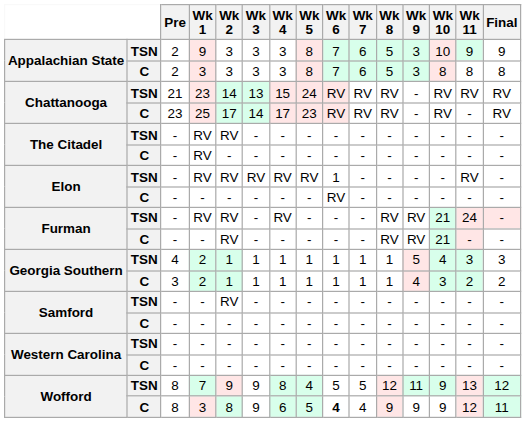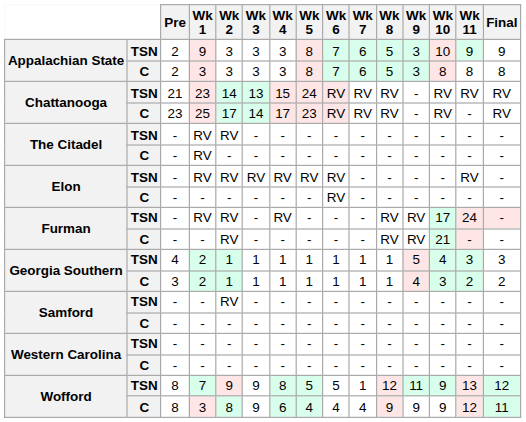 <table class="wikitable" style="white-space:nowrap;font-size:70%;">
 <tr>
 <th colspan=2 style="background:white; border-top-style:hidden; border-left-style:hidden;"> </th>
 <th>Pre</th>
 <th>Wk<br>1</th>
 <th>Wk<br>2</th>
 <th>Wk<br>3</th>
 <th>Wk<br>4</th>
 <th>Wk<br>5</th>
 <th>Wk<br>6</th>
 <th>Wk<br>7</th>
 <th>Wk<br>8</th>
 <th>Wk<br>9</th>
 <th>Wk<br>10</th>
 <th>Wk<br>11</th>
 <th>Final</th>
 </tr>
 <tr style="text-align:center;">
 <th rowspan=2>Appalachian State</th>
 <th>TSN</th>
 <td style="background:#FFF;">2</td>
 <td style="background:#FFE6E6;">9</td>
 <td style="background:#FFF;">3</td>
 <td style="background:#FFF;">3</td>
 <td style="background:#FFF;">3</td>
 <td style="background:#FFE6E6;">8</td>
 <td style="background:#D8FFEB;">7</td>
 <td style="background:#D8FFEB;">6</td>
 <td style="background:#D8FFEB;">5</td>
 <td style="background:#D8FFEB;">3</td>
 <td style="background:#FFE6E6;">10</td>
 <td style="background:#D8FFEB;">9</td>
 <td style="background:#FFF;">9</td>
 </tr>
 <tr style="text-align:center;">
 <th>C</th>
 <td style="background:#FFF;">2</td>
 <td style="background:#FFE6E6;">3</td>
 <td style="background:#FFF;">3</td>
 <td style="background:#FFF;">3</td>
 <td style="background:#FFF;">3</td>
 <td style="background:#FFE6E6;">8</td>
 <td style="background:#D8FFEB;">7</td>
 <td style="background:#D8FFEB;">6</td>
 <td style="background:#D8FFEB;">5</td>
 <td style="background:#D8FFEB;">3</td>
 <td style="background:#FFE6E6;">8</td>
 <td style="background:#FFF;">8</td>
 <td style="background:#FFF;">8</td>
 </tr>
 <tr style="text-align:center;">
 <th rowspan=2>Chattanooga</th>
 <th>TSN</th>
 <td style="background:#FFF;">21</td>
 <td style="background:#FFE6E6;">23</td>
 <td style="background:#D8FFEB;">14</td>
 <td style="background:#D8FFEB;">13</td>
 <td style="background:#FFE6E6;">15</td>
 <td style="background:#FFE6E6;">24</td>
 <td style="background:#FFE6E6;">RV</td>
 <td style="background:#FFF;">RV</td>
 <td style="background:#FFF;">RV</td>
 <td style="background:#FFF;">-</td>
 <td style="background:#FFF;">RV</td>
 <td style="background:#FFF;">RV</td>
 <td style="background:#FFF;">RV</td>
 </tr>
 <tr style="text-align:center;">
 <th>C</th>
 <td style="background:#FFF;">23</td>
 <td style="background:#FFE6E6;">25</td>
 <td style="background:#D8FFEB;">17</td>
 <td style="background:#D8FFEB;">14</td>
 <td style="background:#FFE6E6;">17</td>
 <td style="background:#FFE6E6;">23</td>
 <td style="background:#FFE6E6;">RV</td>
 <td style="background:#FFF;">RV</td>
 <td style="background:#FFF;">RV</td>
 <td style="background:#FFF;">-</td>
 <td style="background:#FFF;">RV</td>
 <td style="background:#FFF;">-</td>
 <td style="background:#FFF;">RV</td>
 </tr>
 <tr style="text-align:center;">
 <th rowspan=2>The Citadel</th>
 <th>TSN</th>
 <td style="background:#FFF;">-</td>
 <td style="background:#FFF;">RV</td>
 <td style="background:#FFF;">RV</td>
 <td style="background:#FFF;">-</td>
 <td style="background:#FFF;">-</td>
 <td style="background:#FFF;">-</td>
 <td style="background:#FFF;">-</td>
 <td style="background:#FFF;">-</td>
 <td style="background:#FFF;">-</td>
 <td style="background:#FFF;">-</td>
 <td style="background:#FFF;">-</td>
 <td style="background:#FFF;">-</td>
 <td style="background:#FFF;">-</td>
 </tr>
 <tr style="text-align:center;">
 <th>C</th>
 <td style="background:#FFF;">-</td>
 <td style="background:#FFF;">RV</td>
 <td style="background:#FFF;">-</td>
 <td style="background:#FFF;">-</td>
 <td style="background:#FFF;">-</td>
 <td style="background:#FFF;">-</td>
 <td style="background:#FFF;">-</td>
 <td style="background:#FFF;">-</td>
 <td style="background:#FFF;">-</td>
 <td style="background:#FFF;">-</td>
 <td style="background:#FFF;">-</td>
 <td style="background:#FFF;">-</td>
 <td style="background:#FFF;">-</td>
 </tr>
 <tr style="text-align:center;">
 <th rowspan=2>Elon</th>
 <th>TSN</th>
 <td style="background:#FFF;">-</td>
 <td style="background:#FFF;">RV</td>
 <td style="background:#FFF;">RV</td>
 <td style="background:#FFF;">RV</td>
 <td style="background:#FFF;">RV</td>
 <td style="background:#FFF;">RV</td>
-<td style="background:#FFF;">1</td>
+<td style="background:#FFF;">RV</td>
 <td style="background:#FFF;">-</td>
 <td style="background:#FFF;">-</td>
 <td style="background:#FFF;">-</td>
 <td style="background:#FFF;">-</td>
 <td style="background:#FFF;">RV</td>
 <td style="background:#FFF;">-</td>
 </tr>
 <tr style="text-align:center;">
 <th>C</th>
 <td style="background:#FFF;">-</td>
 <td style="background:#FFF;">-</td>
 <td style="background:#FFF;">-</td>
 <td style="background:#FFF;">-</td>
 <td style="background:#FFF;">-</td>
 <td style="background:#FFF;">-</td>
 <td style="background:#FFF;">RV</td>
 <td style="background:#FFF;">-</td>
 <td style="background:#FFF;">-</td>
 <td style="background:#FFF;">-</td>
 <td style="background:#FFF;">-</td>
 <td style="background:#FFF;">-</td>
 <td style="background:#FFF;">-</td>
 </tr>
 <tr style="text-align:center;">
 <th rowspan=2>Furman</th>
 <th>TSN</th>
 <td style="background:#FFF;">-</td>
 <td style="background:#FFF;">RV</td>
 <td style="background:#FFF;">RV</td>
 <td style="background:#FFF;">-</td>
 <td style="background:#FFF;">RV</td>
 <td style="background:#FFF;">-</td>
 <td style="background:#FFF;">-</td>
 <td style="background:#FFF;">-</td>
 <td style="background:#FFF;">RV</td>
 <td style="background:#FFF;">RV</td>
-<td style="background:#D8FFEB;">21</td>
+<td style="background:#D8FFEB;">17</td>
 <td style="background:#FFE6E6;">24</td>
 <td style="background:#FFE6E6;">-</td>
 </tr>
 <tr style="text-align:center;">
 <th>C</th>
 <td style="background:#FFF;">-</td>
 <td style="background:#FFF;">-</td>
 <td style="background:#FFF;">RV</td>
 <td style="background:#FFF;">-</td>
 <td style="background:#FFF;">-</td>
 <td style="background:#FFF;">-</td>
 <td style="background:#FFF;">-</td>
 <td style="background:#FFF;">-</td>
 <td style="background:#FFF;">RV</td>
 <td style="background:#FFF;">RV</td>
 <td style="background:#D8FFEB;">21</td>
 <td style="background:#FFE6E6;">-</td>
 <td style="background:#FFF;">-</td>
 </tr>
 <tr style="text-align:center;">
 <th rowspan=2>Georgia Southern</th>
 <th>TSN</th>
 <td style="background:#FFF;">4</td>
 <td style="background:#D8FFEB;">2</td>
 <td style="background:#D8FFEB;">1</td>
 <td style="background:#FFF;">1</td>
 <td style="background:#FFF;">1</td>
 <td style="background:#FFF;">1</td>
 <td style="background:#FFF;">1</td>
 <td style="background:#FFF;">1</td>
 <td style="background:#FFF;">1</td>
 <td style="background:#FFE6E6;">5</td>
 <td style="background:#D8FFEB;">4</td>
 <td style="background:#D8FFEB;">3</td>
 <td style="background:#FFF;">3</td>
 </tr>
 <tr style="text-align:center;">
 <th>C</th>
 <td style="background:#FFF;">3</td>
 <td style="background:#D8FFEB;">2</td>
 <td style="background:#D8FFEB;">1</td>
 <td style="background:#FFF;">1</td>
 <td style="background:#FFF;">1</td>
 <td style="background:#FFF;">1</td>
 <td style="background:#FFF;">1</td>
 <td style="background:#FFF;">1</td>
 <td style="background:#FFF;">1</td>
 <td style="background:#FFE6E6;">4</td>
 <td style="background:#D8FFEB;">3</td>
 <td style="background:#D8FFEB;">2</td>
 <td style="background:#FFF;">2</td>
 </tr>
 <tr style="text-align:center;">
 <th rowspan=2>Samford</th>
 <th>TSN</th>
 <td style="background:#FFF;">-</td>
 <td style="background:#FFF;">-</td>
 <td style="background:#FFF;">RV</td>
 <td style="background:#FFF;">-</td>
 <td style="background:#FFF;">-</td>
 <td style="background:#FFF;">-</td>
 <td style="background:#FFF;">-</td>
 <td style="background:#FFF;">-</td>
 <td style="background:#FFF;">-</td>
 <td style="background:#FFF;">-</td>
 <td style="background:#FFF;">-</td>
 <td style="background:#FFF;">-</td>
 <td style="background:#FFF;">-</td>
 </tr>
 <tr style="text-align:center;">
 <th>C</th>
 <td style="background:#FFF;">-</td>
 <td style="background:#FFF;">-</td>
 <td style="background:#FFF;">-</td>
 <td style="background:#FFF;">-</td>
 <td style="background:#FFF;">-</td>
 <td style="background:#FFF;">-</td>
 <td style="background:#FFF;">-</td>
 <td style="background:#FFF;">-</td>
 <td style="background:#FFF;">-</td>
 <td style="background:#FFF;">-</td>
 <td style="background:#FFF;">-</td>
 <td style="background:#FFF;">-</td>
 <td style="background:#FFF;">-</td>
 </tr>
 <tr style="text-align:center;">
 <th rowspan=2>Western Carolina</th>
 <th>TSN</th>
 <td style="background:#FFF;">-</td>
 <td style="background:#FFF;">-</td>
 <td style="background:#FFF;">-</td>
 <td style="background:#FFF;">-</td>
 <td style="background:#FFF;">-</td>
 <td style="background:#FFF;">-</td>
 <td style="background:#FFF;">-</td>
 <td style="background:#FFF;">-</td>
 <td style="background:#FFF;">-</td>
 <td style="background:#FFF;">-</td>
 <td style="background:#FFF;">-</td>
 <td style="background:#FFF;">-</td>
 <td style="background:#FFF;">-</td>
 </tr>
 <tr style="text-align:center;">
 <th>C</th>
 <td style="background:#FFF;">-</td>
 <td style="background:#FFF;">-</td>
 <td style="background:#FFF;">-</td>
 <td style="background:#FFF;">-</td>
 <td style="background:#FFF;">-</td>
 <td style="background:#FFF;">-</td>
 <td style="background:#FFF;">-</td>
 <td style="background:#FFF;">-</td>
 <td style="background:#FFF;">-</td>
 <td style="background:#FFF;">-</td>
 <td style="background:#FFF;">-</td>
 <td style="background:#FFF;">-</td>
 <td style="background:#FFF;">-</td>
 </tr>
 <tr style="text-align:center;">
 <th rowspan=2>Wofford</th>
 <th>TSN</th>
 <td style="background:#FFF;">8</td>
 <td style="background:#D8FFEB;">7</td>
 <td style="background:#FFE6E6;">9</td>
 <td style="background:#FFF;">9</td>
 <td style="background:#D8FFEB;">8</td>
-<td style="background:#D8FFEB;">4</td>
+<td style="background:#D8FFEB;">5</td>
 <td style="background:#FFF;">5</td>
-<td style="background:#FFF;">5</td>
+<td style="background:#FFF;">1</td>
 <td style="background:#FFE6E6;">12</td>
 <td style="background:#D8FFEB;">11</td>
 <td style="background:#D8FFEB;">9</td>
 <td style="background:#FFE6E6;">13</td>
 <td style="background:#D8FFEB;">12</td>
 </tr>
 <tr style="text-align:center;">
 <th>C</th>
 <td style="background:#FFF;">8</td>
 <td style="background:#FFE6E6;">3</td>
 <td style="background:#D8FFEB;">8</td>
 <td style="background:#FFF;">9</td>
 <td style="background:#D8FFEB;">6</td>
-<td style="background:#D8FFEB;">5</td>
-<td style="background:#FFF;"><strong>4</strong></td>
+<td style="background:#D8FFEB;">4</td>
+<td style="background:#FFF;">4</td>
 <td style="background:#FFF;">4</td>
 <td style="background:#FFE6E6;">9</td>
 <td style="background:#FFF;">9</td>
 <td style="background:#FFF;">9</td>
 <td style="background:#FFE6E6;">12</td>
 <td style="background:#D8FFEB;">11</td>
 </tr>
 </table>
